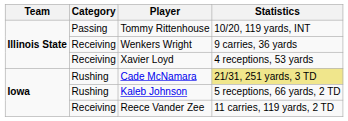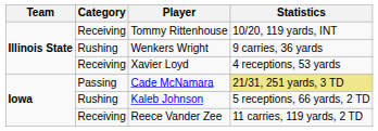 <table class="wikitable" style="float: right;">
 <tr>
 <th>Team</th>
 <th>Category</th>
 <th>Player</th>
 <th>Statistics</th>
 </tr>
 <tr>
 <td rowspan=3><strong>Illinois State</strong></td>
-<td>Passing</td>
+<td>Receiving</td>
 <td>Tommy Rittenhouse</td>
 <td>10/20, 119 yards, INT</td>
 </tr>
 <tr>
-<td>Receiving</td>
+<td>Rushing</td>
 <td>Wenkers Wright</td>
 <td>9 carries, 36 yards</td>
 </tr>
 <tr>
 <td>Receiving</td>
 <td>Xavier Loyd</td>
 <td>4 receptions, 53 yards</td>
 </tr>
 <tr>
 <td rowspan=3><strong>Iowa</strong></td>
-<td>Rushing</td>
+<td>Passing</td>
 <td><a href='#'>Cade McNamara</a></td>
 <td style="background: khaki;">21/31, 251 yards, 3 TD</td>
 </tr>
 <tr>
 <td>Rushing</td>
 <td><a href='#'>Kaleb Johnson</a></td>
 <td>5 receptions, 66 yards, 2 TD</td>
 </tr>
 <tr>
 <td>Receiving</td>
 <td>Reece Vander Zee</td>
 <td>11 carries, 119 yards, 2 TD</td>
 </tr>
 </table>
